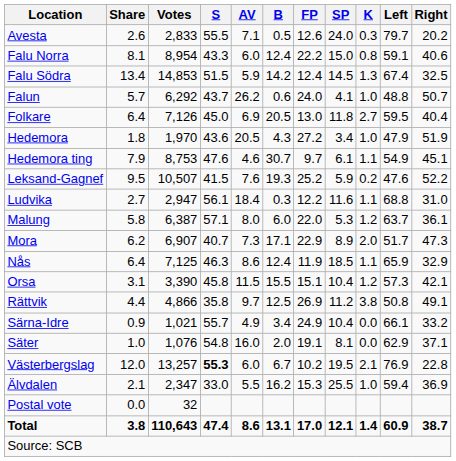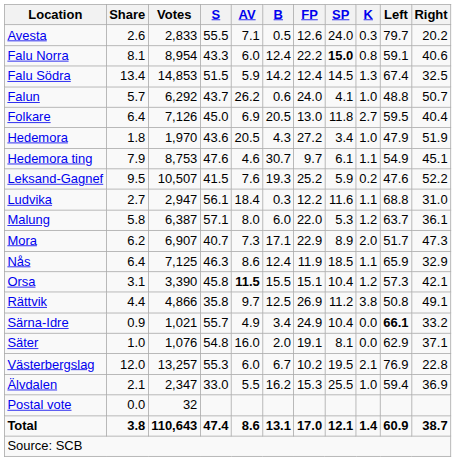 <table class="wikitable sortable" style=text-align:right>
 <tr>
 <th>Location</th>
 <th>Share</th>
 <th>Votes</th>
 <th><a href='#'>S</a></th>
 <th><a href='#'>AV</a></th>
 <th><a href='#'>B</a></th>
 <th><a href='#'>FP</a></th>
 <th><a href='#'>SP</a></th>
 <th><a href='#'>K</a></th>
 <th>Left</th>
 <th>Right</th>
 </tr>
 <tr>
 <td align=left><a href='#'>Avesta</a></td>
 <td>2.6</td>
 <td>2,833</td>
 <td>55.5</td>
 <td>7.1</td>
 <td>0.5</td>
 <td>12.6</td>
 <td>24.0</td>
 <td>0.3</td>
 <td>79.7</td>
 <td>20.2</td>
 </tr>
 <tr>
 <td align=left><a href='#'>Falu Norra</a></td>
 <td>8.1</td>
 <td>8,954</td>
 <td>43.3</td>
 <td>6.0</td>
 <td>12.4</td>
 <td>22.2</td>
-<td>15.0</td>
+<td><strong>15.0</strong></td>
 <td>0.8</td>
 <td>59.1</td>
 <td>40.6</td>
 </tr>
 <tr>
 <td align=left><a href='#'>Falu Södra</a></td>
 <td>13.4</td>
 <td>14,853</td>
 <td>51.5</td>
 <td>5.9</td>
 <td>14.2</td>
 <td>12.4</td>
 <td>14.5</td>
 <td>1.3</td>
 <td>67.4</td>
 <td>32.5</td>
 </tr>
 <tr>
 <td align=left><a href='#'>Falun</a></td>
 <td>5.7</td>
 <td>6,292</td>
 <td>43.7</td>
 <td>26.2</td>
 <td>0.6</td>
 <td>24.0</td>
 <td>4.1</td>
 <td>1.0</td>
 <td>48.8</td>
 <td>50.7</td>
 </tr>
 <tr>
 <td align=left><a href='#'>Folkare</a></td>
 <td>6.4</td>
 <td>7,126</td>
 <td>45.0</td>
 <td>6.9</td>
 <td>20.5</td>
 <td>13.0</td>
 <td>11.8</td>
 <td>2.7</td>
 <td>59.5</td>
 <td>40.4</td>
 </tr>
 <tr>
 <td align=left><a href='#'>Hedemora</a></td>
 <td>1.8</td>
 <td>1,970</td>
 <td>43.6</td>
 <td>20.5</td>
 <td>4.3</td>
 <td>27.2</td>
 <td>3.4</td>
 <td>1.0</td>
 <td>47.9</td>
 <td>51.9</td>
 </tr>
 <tr>
 <td align=left><a href='#'>Hedemora ting</a></td>
 <td>7.9</td>
 <td>8,753</td>
 <td>47.6</td>
 <td>4.6</td>
 <td>30.7</td>
 <td>9.7</td>
 <td>6.1</td>
 <td>1.1</td>
 <td>54.9</td>
 <td>45.1</td>
 </tr>
 <tr>
 <td align=left><a href='#'>Leksand-Gagnef</a></td>
 <td>9.5</td>
 <td>10,507</td>
 <td>41.5</td>
 <td>7.6</td>
 <td>19.3</td>
 <td>25.2</td>
 <td>5.9</td>
 <td>0.2</td>
 <td>47.6</td>
 <td>52.2</td>
 </tr>
 <tr>
 <td align=left><a href='#'>Ludvika</a></td>
 <td>2.7</td>
 <td>2,947</td>
 <td>56.1</td>
 <td>18.4</td>
 <td>0.3</td>
 <td>12.2</td>
 <td>11.6</td>
 <td>1.1</td>
 <td>68.8</td>
 <td>31.0</td>
 </tr>
 <tr>
 <td align=left><a href='#'>Malung</a></td>
 <td>5.8</td>
 <td>6,387</td>
 <td>57.1</td>
 <td>8.0</td>
 <td>6.0</td>
 <td>22.0</td>
 <td>5.3</td>
 <td>1.2</td>
 <td>63.7</td>
 <td>36.1</td>
 </tr>
 <tr>
 <td align=left><a href='#'>Mora</a></td>
 <td>6.2</td>
 <td>6,907</td>
 <td>40.7</td>
 <td>7.3</td>
 <td>17.1</td>
 <td>22.9</td>
 <td>8.9</td>
 <td>2.0</td>
 <td>51.7</td>
 <td>47.3</td>
 </tr>
 <tr>
 <td align=left><a href='#'>Nås</a></td>
 <td>6.4</td>
 <td>7,125</td>
 <td>46.3</td>
 <td>8.6</td>
 <td>12.4</td>
 <td>11.9</td>
 <td>18.5</td>
 <td>1.1</td>
 <td>65.9</td>
 <td>32.9</td>
 </tr>
 <tr>
 <td align=left><a href='#'>Orsa</a></td>
 <td>3.1</td>
 <td>3,390</td>
 <td>45.8</td>
-<td>11.5</td>
+<td><strong>11.5</strong></td>
 <td>15.5</td>
 <td>15.1</td>
 <td>10.4</td>
 <td>1.2</td>
 <td>57.3</td>
 <td>42.1</td>
 </tr>
 <tr>
 <td align=left><a href='#'>Rättvik</a></td>
 <td>4.4</td>
 <td>4,866</td>
 <td>35.8</td>
 <td>9.7</td>
 <td>12.5</td>
 <td>26.9</td>
 <td>11.2</td>
 <td>3.8</td>
 <td>50.8</td>
 <td>49.1</td>
 </tr>
 <tr>
 <td align=left><a href='#'>Särna-Idre</a></td>
 <td>0.9</td>
 <td>1,021</td>
 <td>55.7</td>
 <td>4.9</td>
 <td>3.4</td>
 <td>24.9</td>
 <td>10.4</td>
 <td>0.0</td>
-<td>66.1</td>
+<td><strong>66.1</strong></td>
 <td>33.2</td>
 </tr>
 <tr>
 <td align=left><a href='#'>Säter</a></td>
 <td>1.0</td>
 <td>1,076</td>
 <td>54.8</td>
 <td>16.0</td>
 <td>2.0</td>
 <td>19.1</td>
 <td>8.1</td>
 <td>0.0</td>
 <td>62.9</td>
 <td>37.1</td>
 </tr>
 <tr>
 <td align=left><a href='#'>Västerbergslag</a></td>
 <td>12.0</td>
 <td>13,257</td>
-<td><strong>55.3</strong></td>
+<td>55.3</td>
 <td>6.0</td>
 <td>6.7</td>
 <td>10.2</td>
 <td>19.5</td>
 <td>2.1</td>
 <td>76.9</td>
 <td>22.8</td>
 </tr>
 <tr>
 <td align=left><a href='#'>Älvdalen</a></td>
 <td>2.1</td>
 <td>2,347</td>
 <td>33.0</td>
 <td>5.5</td>
 <td>16.2</td>
 <td>15.3</td>
 <td>25.5</td>
 <td>1.0</td>
 <td>59.4</td>
 <td>36.9</td>
 </tr>
 <tr>
 <td align=left><a href='#'>Postal vote</a></td>
 <td>0.0</td>
 <td>32</td>
 <td></td>
 <td></td>
 <td></td>
 <td></td>
 <td></td>
 <td></td>
 <td></td>
 <td></td>
 </tr>
 <tr>
 <td align=left><strong>Total</strong></td>
 <td><strong>3.8</strong></td>
 <td><strong>110,643</strong></td>
 <td><strong>47.4</strong></td>
 <td><strong>8.6</strong></td>
 <td><strong>13.1</strong></td>
 <td><strong>17.0</strong></td>
 <td><strong>12.1</strong></td>
 <td><strong>1.4</strong></td>
 <td><strong>60.9</strong></td>
 <td><strong>38.7</strong></td>
 </tr>
 <tr>
 <td align=left colspan=11>Source: SCB </td>
 </tr>
 </table>
